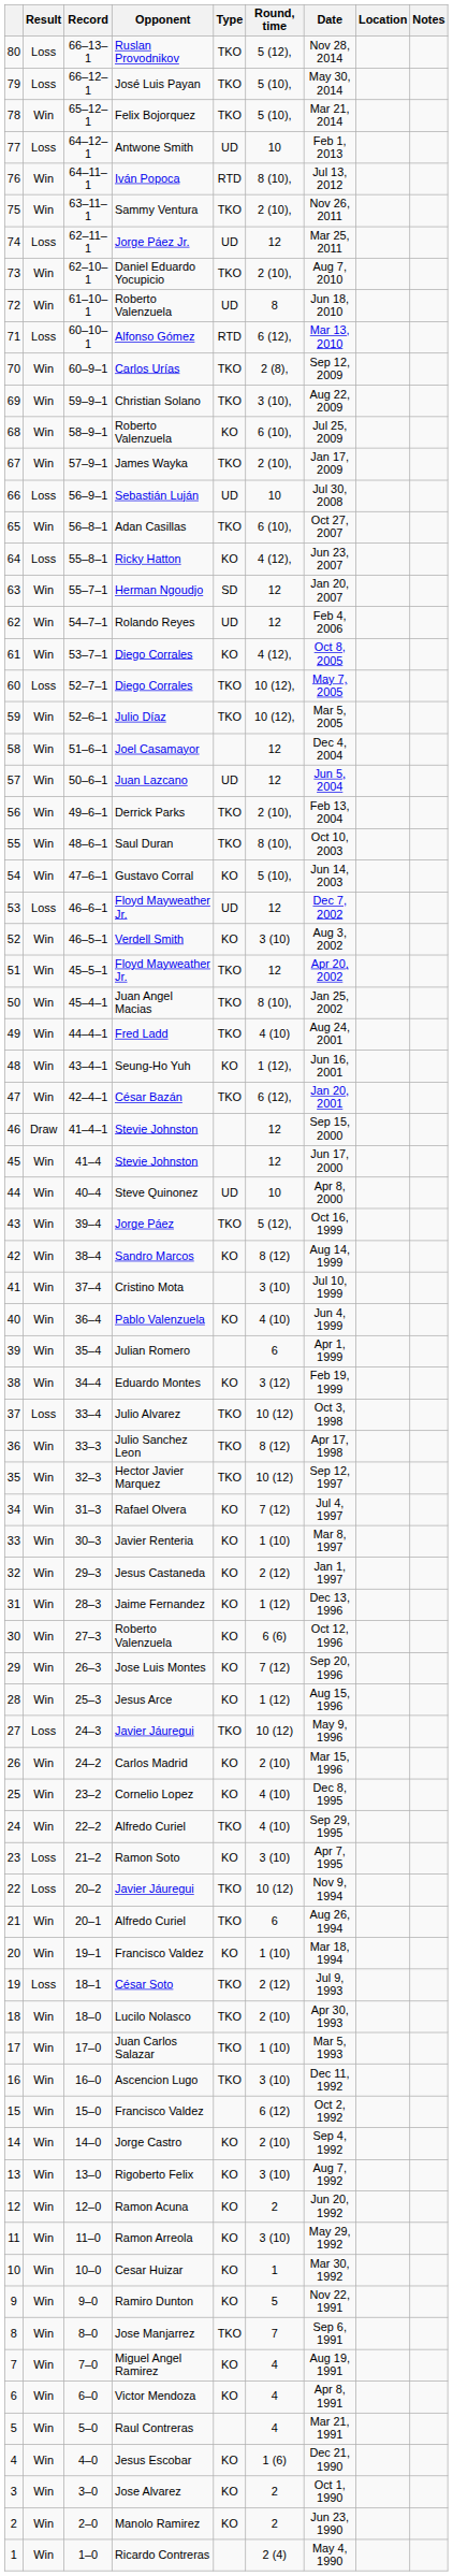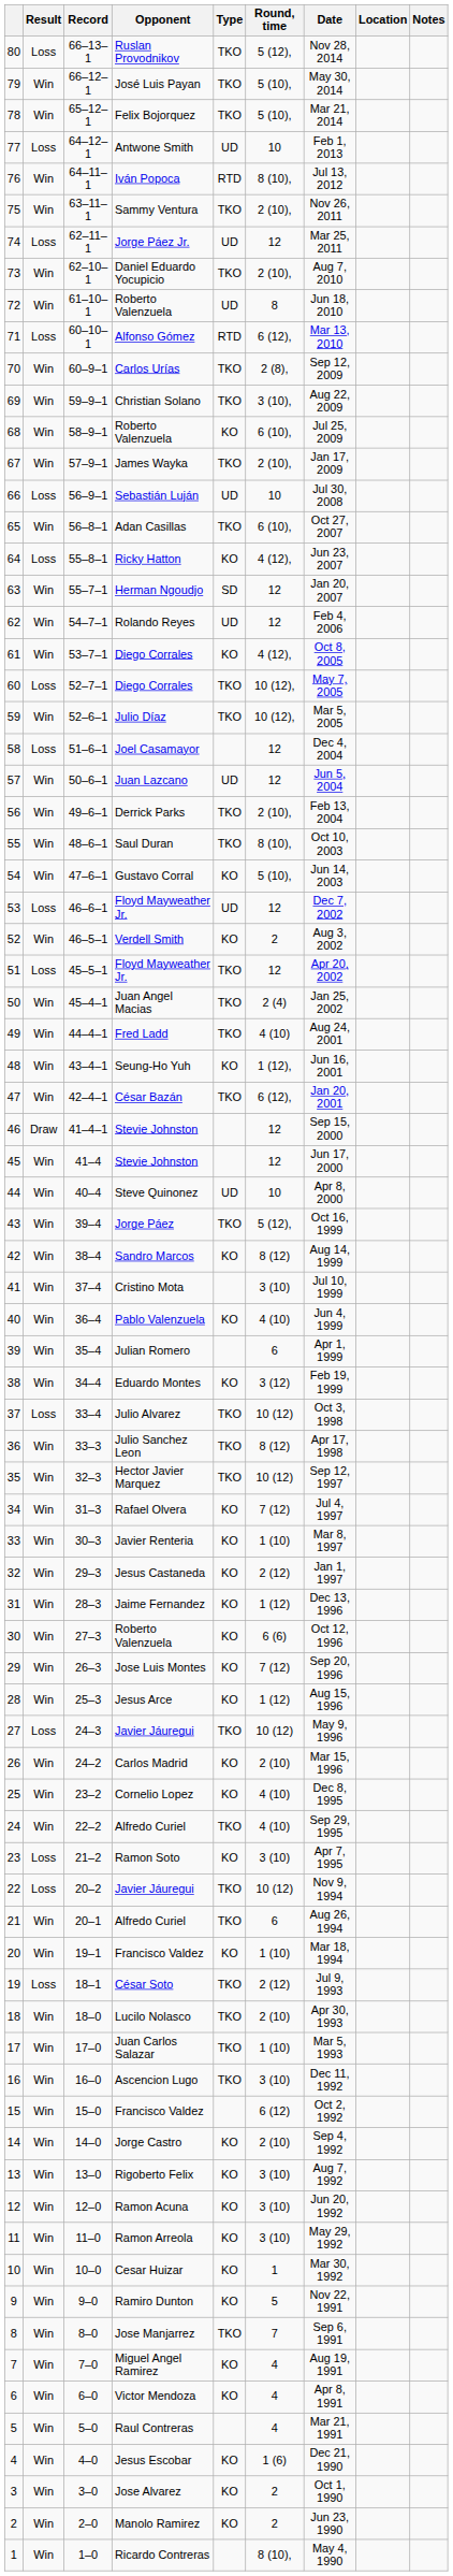 <table class="wikitable" style="text-align:center">
 <tr>
 <th></th>
 <th>Result</th>
 <th>Record</th>
 <th>Opponent</th>
 <th>Type</th>
 <th>Round, time</th>
 <th>Date</th>
 <th>Location</th>
 <th>Notes</th>
 </tr>
 <tr>
 <td>80</td>
 <td>Loss</td>
 <td>66–13–1</td>
 <td style="text-align:left;"><a href='#'>Ruslan Provodnikov</a></td>
 <td>TKO</td>
 <td>5 (12), </td>
 <td>Nov 28, 2014</td>
 <td style="text-align:left;"></td>
 <td></td>
 </tr>
 <tr>
 <td>79</td>
-<td>Loss</td>
+<td>Win</td>
 <td>66–12–1</td>
 <td style="text-align:left;">José Luis Payan</td>
 <td>TKO</td>
 <td>5 (10), </td>
 <td>May 30, 2014</td>
 <td style="text-align:left;"></td>
 <td></td>
 </tr>
 <tr>
 <td>78</td>
 <td>Win</td>
 <td>65–12–1</td>
 <td style="text-align:left;">Felix Bojorquez</td>
 <td>TKO</td>
 <td>5 (10), </td>
 <td>Mar 21, 2014</td>
 <td style="text-align:left;"></td>
 <td></td>
 </tr>
 <tr>
 <td>77</td>
 <td>Loss</td>
 <td>64–12–1</td>
 <td style="text-align:left;">Antwone Smith</td>
 <td>UD</td>
 <td>10</td>
 <td>Feb 1, 2013</td>
 <td style="text-align:left;"></td>
 <td></td>
 </tr>
 <tr>
 <td>76</td>
 <td>Win</td>
 <td>64–11–1</td>
 <td style="text-align:left;"><a href='#'>Iván Popoca</a></td>
 <td>RTD</td>
 <td>8 (10), </td>
 <td>Jul 13, 2012</td>
 <td style="text-align:left;"></td>
 <td></td>
 </tr>
 <tr>
 <td>75</td>
 <td>Win</td>
 <td>63–11–1</td>
 <td style="text-align:left;">Sammy Ventura</td>
 <td>TKO</td>
 <td>2 (10), </td>
 <td>Nov 26, 2011</td>
 <td style="text-align:left;"></td>
 <td></td>
 </tr>
 <tr>
 <td>74</td>
 <td>Loss</td>
 <td>62–11–1</td>
 <td style="text-align:left;"><a href='#'>Jorge Páez Jr.</a></td>
 <td>UD</td>
 <td>12</td>
 <td>Mar 25, 2011</td>
 <td style="text-align:left;"></td>
 <td style="text-align:left;"></td>
 </tr>
 <tr>
 <td>73</td>
 <td>Win</td>
 <td>62–10–1</td>
 <td style="text-align:left;">Daniel Eduardo Yocupicio</td>
 <td>TKO</td>
 <td>2 (10), </td>
 <td>Aug 7, 2010</td>
 <td style="text-align:left;"></td>
 <td></td>
 </tr>
 <tr>
 <td>72</td>
 <td>Win</td>
 <td>61–10–1</td>
 <td style="text-align:left;">Roberto Valenzuela</td>
 <td>UD</td>
 <td>8</td>
 <td>Jun 18, 2010</td>
 <td style="text-align:left;"></td>
 <td></td>
 </tr>
 <tr>
 <td>71</td>
 <td>Loss</td>
 <td>60–10–1</td>
 <td style="text-align:left;"><a href='#'>Alfonso Gómez</a></td>
 <td>RTD</td>
 <td>6 (12), </td>
 <td><a href='#'>Mar 13, 2010</a></td>
 <td style="text-align:left;"></td>
 <td style="text-align:left;"></td>
 </tr>
 <tr>
 <td>70</td>
 <td>Win</td>
 <td>60–9–1</td>
 <td style="text-align:left;"><a href='#'>Carlos Urías</a></td>
 <td>TKO</td>
 <td>2 (8), </td>
 <td>Sep 12, 2009</td>
 <td style="text-align:left;"></td>
 <td></td>
 </tr>
 <tr>
 <td>69</td>
 <td>Win</td>
 <td>59–9–1</td>
 <td style="text-align:left;">Christian Solano</td>
 <td>TKO</td>
 <td>3 (10), </td>
 <td>Aug 22, 2009</td>
 <td style="text-align:left;"></td>
 <td></td>
 </tr>
 <tr>
 <td>68</td>
 <td>Win</td>
 <td>58–9–1</td>
 <td style="text-align:left;">Roberto Valenzuela</td>
 <td>KO</td>
 <td>6 (10), </td>
 <td>Jul 25, 2009</td>
 <td style="text-align:left;"></td>
 <td></td>
 </tr>
 <tr>
 <td>67</td>
 <td>Win</td>
 <td>57–9–1</td>
 <td style="text-align:left;">James Wayka</td>
 <td>TKO</td>
 <td>2 (10), </td>
 <td>Jan 17, 2009</td>
 <td style="text-align:left;"></td>
 <td></td>
 </tr>
 <tr>
 <td>66</td>
 <td>Loss</td>
 <td>56–9–1</td>
 <td style="text-align:left;"><a href='#'>Sebastián Luján</a></td>
 <td>UD</td>
 <td>10</td>
 <td>Jul 30, 2008</td>
 <td style="text-align:left;"></td>
 <td></td>
 </tr>
 <tr>
 <td>65</td>
 <td>Win</td>
 <td>56–8–1</td>
 <td style="text-align:left;">Adan Casillas</td>
 <td>TKO</td>
 <td>6 (10), </td>
 <td>Oct 27, 2007</td>
 <td style="text-align:left;"></td>
 <td></td>
 </tr>
 <tr>
 <td>64</td>
 <td>Loss</td>
 <td>55–8–1</td>
 <td style="text-align:left;"><a href='#'>Ricky Hatton</a></td>
 <td>KO</td>
 <td>4 (12), </td>
 <td>Jun 23, 2007</td>
 <td style="text-align:left;"></td>
 <td style="text-align:left;"></td>
 </tr>
 <tr>
 <td>63</td>
 <td>Win</td>
 <td>55–7–1</td>
 <td style="text-align:left;"><a href='#'>Herman Ngoudjo</a></td>
 <td>SD</td>
 <td>12</td>
 <td>Jan 20, 2007</td>
 <td style="text-align:left;"></td>
 <td style="text-align:left;"></td>
 </tr>
 <tr>
 <td>62</td>
 <td>Win</td>
 <td>54–7–1</td>
 <td style="text-align:left;">Rolando Reyes</td>
 <td>UD</td>
 <td>12</td>
 <td>Feb 4, 2006</td>
 <td style="text-align:left;"></td>
 <td></td>
 </tr>
 <tr>
 <td>61</td>
 <td>Win</td>
 <td>53–7–1</td>
 <td style="text-align:left;"><a href='#'>Diego Corrales</a></td>
 <td>KO</td>
 <td>4 (12), </td>
 <td><a href='#'>Oct 8, 2005</a></td>
 <td style="text-align:left;"></td>
 <td></td>
 </tr>
 <tr>
 <td>60</td>
 <td>Loss</td>
 <td>52–7–1</td>
 <td style="text-align:left;"><a href='#'>Diego Corrales</a></td>
 <td>TKO</td>
 <td>10 (12), </td>
 <td><a href='#'>May 7, 2005</a></td>
 <td style="text-align:left;"></td>
 <td style="text-align:left;"></td>
 </tr>
 <tr>
 <td>59</td>
 <td>Win</td>
 <td>52–6–1</td>
 <td style="text-align:left;"><a href='#'>Julio Díaz</a></td>
 <td>TKO</td>
 <td>10 (12), </td>
 <td>Mar 5, 2005</td>
 <td style="text-align:left;"></td>
 <td style="text-align:left;"></td>
 </tr>
 <tr>
 <td>58</td>
-<td>Win</td>
+<td>Loss</td>
 <td>51–6–1</td>
 <td style="text-align:left;"><a href='#'>Joel Casamayor</a></td>
 <td></td>
 <td>12</td>
 <td>Dec 4, 2004</td>
 <td style="text-align:left;"></td>
 <td style="text-align:left;"></td>
 </tr>
 <tr>
 <td>57</td>
 <td>Win</td>
 <td>50–6–1</td>
 <td style="text-align:left;"><a href='#'>Juan Lazcano</a></td>
 <td>UD</td>
 <td>12</td>
 <td><a href='#'>Jun 5, 2004</a></td>
 <td style="text-align:left;"></td>
 <td style="text-align:left;"></td>
 </tr>
 <tr>
 <td>56</td>
 <td>Win</td>
 <td>49–6–1</td>
 <td style="text-align:left;">Derrick Parks</td>
 <td>TKO</td>
 <td>2 (10), </td>
 <td>Feb 13, 2004</td>
 <td style="text-align:left;"></td>
 <td></td>
 </tr>
 <tr>
 <td>55</td>
 <td>Win</td>
 <td>48–6–1</td>
 <td style="text-align:left;">Saul Duran</td>
 <td>TKO</td>
 <td>8 (10), </td>
 <td>Oct 10, 2003</td>
 <td style="text-align:left;"></td>
 <td></td>
 </tr>
 <tr>
 <td>54</td>
 <td>Win</td>
 <td>47–6–1</td>
 <td style="text-align:left;">Gustavo Corral</td>
 <td>KO</td>
 <td>5 (10), </td>
 <td>Jun 14, 2003</td>
 <td style="text-align:left;"></td>
 <td></td>
 </tr>
 <tr>
 <td>53</td>
 <td>Loss</td>
 <td>46–6–1</td>
 <td style="text-align:left;"><a href='#'>Floyd Mayweather Jr.</a></td>
 <td>UD</td>
 <td>12</td>
 <td><a href='#'>Dec 7, 2002</a></td>
 <td style="text-align:left;"></td>
 <td style="text-align:left;"></td>
 </tr>
 <tr>
 <td>52</td>
 <td>Win</td>
 <td>46–5–1</td>
 <td style="text-align:left;"><a href='#'>Verdell Smith</a></td>
 <td>KO</td>
-<td>3 (10)</td>
+<td>2</td>
 <td>Aug 3, 2002</td>
 <td style="text-align:left;"></td>
 <td></td>
 </tr>
 <tr>
 <td>51</td>
-<td>Win</td>
+<td>Loss</td>
 <td>45–5–1</td>
 <td style="text-align:left;"><a href='#'>Floyd Mayweather Jr.</a></td>
 <td>TKO</td>
 <td>12</td>
 <td><a href='#'>Apr 20, 2002</a></td>
 <td style="text-align:left;"></td>
 <td style="text-align:left;"></td>
 </tr>
 <tr>
 <td>50</td>
 <td>Win</td>
 <td>45–4–1</td>
 <td style="text-align:left;">Juan Angel Macias</td>
 <td>TKO</td>
-<td>8 (10), </td>
+<td>2 (4)</td>
 <td>Jan 25, 2002</td>
 <td style="text-align:left;"></td>
 <td></td>
 </tr>
 <tr>
 <td>49</td>
 <td>Win</td>
 <td>44–4–1</td>
 <td style="text-align:left;"><a href='#'>Fred Ladd</a></td>
 <td>TKO</td>
 <td>4 (10)</td>
 <td>Aug 24, 2001</td>
 <td style="text-align:left;"></td>
 <td></td>
 </tr>
 <tr>
 <td>48</td>
 <td>Win</td>
 <td>43–4–1</td>
 <td style="text-align:left;">Seung-Ho Yuh</td>
 <td>KO</td>
 <td>1 (12), </td>
 <td>Jun 16, 2001</td>
 <td style="text-align:left;"></td>
 <td style="text-align:left;"></td>
 </tr>
 <tr>
 <td>47</td>
 <td>Win</td>
 <td>42–4–1</td>
 <td style="text-align:left;"><a href='#'>César Bazán</a></td>
 <td>TKO</td>
 <td>6 (12), </td>
 <td><a href='#'>Jan 20, 2001</a></td>
 <td style="text-align:left;"></td>
 <td style="text-align:left;"></td>
 </tr>
 <tr>
 <td>46</td>
 <td>Draw</td>
 <td>41–4–1</td>
 <td style="text-align:left;"><a href='#'>Stevie Johnston</a></td>
 <td></td>
 <td>12</td>
 <td>Sep 15, 2000</td>
 <td style="text-align:left;"></td>
 <td style="text-align:left;"></td>
 </tr>
 <tr>
 <td>45</td>
 <td>Win</td>
 <td>41–4</td>
 <td style="text-align:left;"><a href='#'>Stevie Johnston</a></td>
 <td></td>
 <td>12</td>
 <td>Jun 17, 2000</td>
 <td style="text-align:left;"></td>
 <td style="text-align:left;"></td>
 </tr>
 <tr>
 <td>44</td>
 <td>Win</td>
 <td>40–4</td>
 <td style="text-align:left;">Steve Quinonez</td>
 <td>UD</td>
 <td>10</td>
 <td>Apr 8, 2000</td>
 <td style="text-align:left;"></td>
 <td></td>
 </tr>
 <tr>
 <td>43</td>
 <td>Win</td>
 <td>39–4</td>
 <td style="text-align:left;"><a href='#'>Jorge Páez</a></td>
 <td>TKO</td>
 <td>5 (12), </td>
 <td>Oct 16, 1999</td>
 <td style="text-align:left;"></td>
 <td style="text-align:left;"></td>
 </tr>
 <tr>
 <td>42</td>
 <td>Win</td>
 <td>38–4</td>
 <td style="text-align:left;"><a href='#'>Sandro Marcos</a></td>
 <td>KO</td>
 <td>8 (12)</td>
 <td>Aug 14, 1999</td>
 <td style="text-align:left;"></td>
 <td style="text-align:left;"></td>
 </tr>
 <tr>
 <td>41</td>
 <td>Win</td>
 <td>37–4</td>
 <td style="text-align:left;">Cristino Mota</td>
 <td></td>
 <td>3 (10)</td>
 <td>Jul 10, 1999</td>
 <td style="text-align:left;"></td>
 <td></td>
 </tr>
 <tr>
 <td>40</td>
 <td>Win</td>
 <td>36–4</td>
 <td style="text-align:left;"><a href='#'>Pablo Valenzuela</a></td>
 <td>KO</td>
 <td>4 (10)</td>
 <td>Jun 4, 1999</td>
 <td style="text-align:left;"></td>
 <td></td>
 </tr>
 <tr>
 <td>39</td>
 <td>Win</td>
 <td>35–4</td>
 <td style="text-align:left;">Julian Romero</td>
 <td></td>
 <td>6</td>
 <td>Apr 1, 1999</td>
 <td style="text-align:left;"></td>
 <td></td>
 </tr>
 <tr>
 <td>38</td>
 <td>Win</td>
 <td>34–4</td>
 <td style="text-align:left;">Eduardo Montes</td>
 <td>KO</td>
 <td>3 (12)</td>
 <td>Feb 19, 1999</td>
 <td style="text-align:left;"></td>
 <td></td>
 </tr>
 <tr>
 <td>37</td>
 <td>Loss</td>
 <td>33–4</td>
 <td style="text-align:left;">Julio Alvarez</td>
 <td>TKO</td>
 <td>10 (12)</td>
 <td>Oct 3, 1998</td>
 <td style="text-align:left;"></td>
 <td style="text-align:left;"></td>
 </tr>
 <tr>
 <td>36</td>
 <td>Win</td>
 <td>33–3</td>
 <td style="text-align:left;">Julio Sanchez Leon</td>
 <td>TKO</td>
 <td>8 (12)</td>
 <td>Apr 17, 1998</td>
 <td style="text-align:left;"></td>
 <td style="text-align:left;"></td>
 </tr>
 <tr>
 <td>35</td>
 <td>Win</td>
 <td>32–3</td>
 <td style="text-align:left;">Hector Javier Marquez</td>
 <td>TKO</td>
 <td>10 (12)</td>
 <td>Sep 12, 1997</td>
 <td style="text-align:left;"></td>
 <td style="text-align:left;"></td>
 </tr>
 <tr>
 <td>34</td>
 <td>Win</td>
 <td>31–3</td>
 <td style="text-align:left;">Rafael Olvera</td>
 <td>KO</td>
 <td>7 (12)</td>
 <td>Jul 4, 1997</td>
 <td style="text-align:left;"></td>
 <td style="text-align:left;"></td>
 </tr>
 <tr>
 <td>33</td>
 <td>Win</td>
 <td>30–3</td>
 <td style="text-align:left;">Javier Renteria</td>
 <td>KO</td>
 <td>1 (10)</td>
 <td>Mar 8, 1997</td>
 <td style="text-align:left;"></td>
 <td></td>
 </tr>
 <tr>
 <td>32</td>
 <td>Win</td>
 <td>29–3</td>
 <td style="text-align:left;">Jesus Castaneda</td>
 <td>KO</td>
 <td>2 (12)</td>
 <td>Jan 1, 1997</td>
 <td style="text-align:left;"></td>
 <td style="text-align:left;"></td>
 </tr>
 <tr>
 <td>31</td>
 <td>Win</td>
 <td>28–3</td>
 <td style="text-align:left;">Jaime Fernandez</td>
 <td>KO</td>
 <td>1 (12)</td>
 <td>Dec 13, 1996</td>
 <td style="text-align:left;"></td>
 <td style="text-align:left;"></td>
 </tr>
 <tr>
 <td>30</td>
 <td>Win</td>
 <td>27–3</td>
 <td style="text-align:left;">Roberto Valenzuela</td>
 <td>KO</td>
 <td>6 (6)</td>
 <td>Oct 12, 1996</td>
 <td style="text-align:left;"></td>
 <td></td>
 </tr>
 <tr>
 <td>29</td>
 <td>Win</td>
 <td>26–3</td>
 <td style="text-align:left;">Jose Luis Montes</td>
 <td>KO</td>
 <td>7 (12)</td>
 <td>Sep 20, 1996</td>
 <td style="text-align:left;"></td>
 <td style="text-align:left;"></td>
 </tr>
 <tr>
 <td>28</td>
 <td>Win</td>
 <td>25–3</td>
 <td style="text-align:left;">Jesus Arce</td>
 <td>KO</td>
 <td>1 (12)</td>
 <td>Aug 15, 1996</td>
 <td style="text-align:left;"></td>
 <td style="text-align:left;"></td>
 </tr>
 <tr>
 <td>27</td>
 <td>Loss</td>
 <td>24–3</td>
 <td style="text-align:left;"><a href='#'>Javier Jáuregui</a></td>
 <td>TKO</td>
 <td>10 (12)</td>
 <td>May 9, 1996</td>
 <td style="text-align:left;"></td>
 <td style="text-align:left;"></td>
 </tr>
 <tr>
 <td>26</td>
 <td>Win</td>
 <td>24–2</td>
 <td style="text-align:left;">Carlos Madrid</td>
 <td>KO</td>
 <td>2 (10)</td>
 <td>Mar 15, 1996</td>
 <td style="text-align:left;"></td>
 <td></td>
 </tr>
 <tr>
 <td>25</td>
 <td>Win</td>
 <td>23–2</td>
 <td style="text-align:left;">Cornelio Lopez</td>
 <td>KO</td>
 <td>4 (10)</td>
 <td>Dec 8, 1995</td>
 <td style="text-align:left;"></td>
 <td></td>
 </tr>
 <tr>
 <td>24</td>
 <td>Win</td>
 <td>22–2</td>
 <td style="text-align:left;">Alfredo Curiel</td>
 <td>TKO</td>
 <td>4 (10)</td>
 <td>Sep 29, 1995</td>
 <td style="text-align:left;"></td>
 <td></td>
 </tr>
 <tr>
 <td>23</td>
 <td>Loss</td>
 <td>21–2</td>
 <td style="text-align:left;">Ramon Soto</td>
 <td>KO</td>
 <td>3 (10)</td>
 <td>Apr 7, 1995</td>
 <td style="text-align:left;"></td>
 <td></td>
 </tr>
 <tr>
 <td>22</td>
 <td>Loss</td>
 <td>20–2</td>
 <td style="text-align:left;"><a href='#'>Javier Jáuregui</a></td>
 <td>TKO</td>
 <td>10 (12)</td>
 <td>Nov 9, 1994</td>
 <td style="text-align:left;"></td>
 <td style="text-align:left;"></td>
 </tr>
 <tr>
 <td>21</td>
 <td>Win</td>
 <td>20–1</td>
 <td style="text-align:left;">Alfredo Curiel</td>
 <td>TKO</td>
 <td>6</td>
 <td>Aug 26, 1994</td>
 <td style="text-align:left;"></td>
 <td></td>
 </tr>
 <tr>
 <td>20</td>
 <td>Win</td>
 <td>19–1</td>
 <td style="text-align:left;">Francisco Valdez</td>
 <td>KO</td>
 <td>1 (10)</td>
 <td>Mar 18, 1994</td>
 <td style="text-align:left;"></td>
 <td></td>
 </tr>
 <tr>
 <td>19</td>
 <td>Loss</td>
 <td>18–1</td>
 <td style="text-align:left;"><a href='#'>César Soto</a></td>
 <td>TKO</td>
 <td>2 (12)</td>
 <td>Jul 9, 1993</td>
 <td style="text-align:left;"></td>
 <td style="text-align:left;"></td>
 </tr>
 <tr>
 <td>18</td>
 <td>Win</td>
 <td>18–0</td>
 <td style="text-align:left;">Lucilo Nolasco</td>
 <td>TKO</td>
 <td>2 (10)</td>
 <td>Apr 30, 1993</td>
 <td style="text-align:left;"></td>
 <td></td>
 </tr>
 <tr>
 <td>17</td>
 <td>Win</td>
 <td>17–0</td>
 <td style="text-align:left;">Juan Carlos Salazar</td>
 <td>TKO</td>
 <td>1 (10)</td>
 <td>Mar 5, 1993</td>
 <td style="text-align:left;"></td>
 <td></td>
 </tr>
 <tr>
 <td>16</td>
 <td>Win</td>
 <td>16–0</td>
 <td style="text-align:left;">Ascencion Lugo</td>
 <td>TKO</td>
 <td>3 (10)</td>
 <td>Dec 11, 1992</td>
 <td style="text-align:left;"></td>
 <td></td>
 </tr>
 <tr>
 <td>15</td>
 <td>Win</td>
 <td>15–0</td>
 <td style="text-align:left;">Francisco Valdez</td>
 <td></td>
 <td>6 (12)</td>
 <td>Oct 2, 1992</td>
 <td style="text-align:left;"></td>
 <td style="text-align:left;"></td>
 </tr>
 <tr>
 <td>14</td>
 <td>Win</td>
 <td>14–0</td>
 <td style="text-align:left;">Jorge Castro</td>
 <td>KO</td>
 <td>2 (10)</td>
 <td>Sep 4, 1992</td>
 <td style="text-align:left;"></td>
 <td></td>
 </tr>
 <tr>
 <td>13</td>
 <td>Win</td>
 <td>13–0</td>
 <td style="text-align:left;">Rigoberto Felix</td>
 <td>KO</td>
 <td>3 (10)</td>
 <td>Aug 7, 1992</td>
 <td style="text-align:left;"></td>
 <td></td>
 </tr>
 <tr>
 <td>12</td>
 <td>Win</td>
 <td>12–0</td>
 <td style="text-align:left;">Ramon Acuna</td>
 <td>KO</td>
-<td>2</td>
+<td>3 (10)</td>
 <td>Jun 20, 1992</td>
 <td style="text-align:left;"></td>
 <td></td>
 </tr>
 <tr>
 <td>11</td>
 <td>Win</td>
 <td>11–0</td>
 <td style="text-align:left;">Ramon Arreola</td>
 <td>KO</td>
 <td>3 (10)</td>
 <td>May 29, 1992</td>
 <td style="text-align:left;"></td>
 <td></td>
 </tr>
 <tr>
 <td>10</td>
 <td>Win</td>
 <td>10–0</td>
 <td style="text-align:left;">Cesar Huizar</td>
 <td>KO</td>
 <td>1</td>
 <td>Mar 30, 1992</td>
 <td style="text-align:left;"></td>
 <td></td>
 </tr>
 <tr>
 <td>9</td>
 <td>Win</td>
 <td>9–0</td>
 <td style="text-align:left;">Ramiro Dunton</td>
 <td>KO</td>
 <td>5</td>
 <td>Nov 22, 1991</td>
 <td style="text-align:left;"></td>
 <td></td>
 </tr>
 <tr>
 <td>8</td>
 <td>Win</td>
 <td>8–0</td>
 <td style="text-align:left;">Jose Manjarrez</td>
 <td>TKO</td>
 <td>7</td>
 <td>Sep 6, 1991</td>
 <td style="text-align:left;"></td>
 <td></td>
 </tr>
 <tr>
 <td>7</td>
 <td>Win</td>
 <td>7–0</td>
 <td style="text-align:left;">Miguel Angel Ramirez</td>
 <td>KO</td>
 <td>4</td>
 <td>Aug 19, 1991</td>
 <td style="text-align:left;"></td>
 <td></td>
 </tr>
 <tr>
 <td>6</td>
 <td>Win</td>
 <td>6–0</td>
 <td style="text-align:left;">Victor Mendoza</td>
 <td>KO</td>
 <td>4</td>
 <td>Apr 8, 1991</td>
 <td style="text-align:left;"></td>
 <td></td>
 </tr>
 <tr>
 <td>5</td>
 <td>Win</td>
 <td>5–0</td>
 <td style="text-align:left;">Raul Contreras</td>
 <td></td>
 <td>4</td>
 <td>Mar 21, 1991</td>
 <td style="text-align:left;"></td>
 <td></td>
 </tr>
 <tr>
 <td>4</td>
 <td>Win</td>
 <td>4–0</td>
 <td style="text-align:left;">Jesus Escobar</td>
 <td>KO</td>
 <td>1 (6)</td>
 <td>Dec 21, 1990</td>
 <td style="text-align:left;"></td>
 <td></td>
 </tr>
 <tr>
 <td>3</td>
 <td>Win</td>
 <td>3–0</td>
 <td style="text-align:left;">Jose Alvarez</td>
 <td>KO</td>
 <td>2</td>
 <td>Oct 1, 1990</td>
 <td style="text-align:left;"></td>
 <td></td>
 </tr>
 <tr>
 <td>2</td>
 <td>Win</td>
 <td>2–0</td>
 <td style="text-align:left;">Manolo Ramirez</td>
 <td>KO</td>
 <td>2</td>
 <td>Jun 23, 1990</td>
 <td style="text-align:left;"></td>
 <td></td>
 </tr>
 <tr>
 <td>1</td>
 <td>Win</td>
 <td>1–0</td>
 <td style="text-align:left;">Ricardo Contreras</td>
 <td></td>
-<td>2 (4)</td>
+<td>8 (10), </td>
 <td>May 4, 1990</td>
 <td style="text-align:left;"></td>
 <td></td>
 </tr>
 </table>
